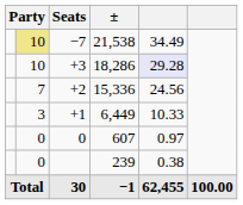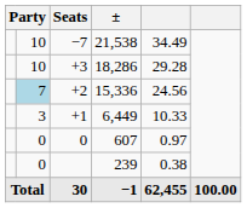 <table class=wikitable>
 <tr>
 <th colspan=2 align=center>Party</th>
 <th>Seats</th>
 <th>±</th>
 <th></th>
 <th></th>
 </tr>
 <tr>
 <td></td>
-<td align=right style="background: khaki;">10</td>
+<td align=right>10</td>
 <td align=right>−7</td>
 <td align=right>21,538</td>
 <td align=right>34.49</td>
 </tr>
 <tr>
 <td></td>
 <td align=right>10</td>
 <td align=right>+3</td>
 <td align=right>18,286</td>
-<td align=right style="background: lavender;">29.28</td>
+<td align=right>29.28</td>
 </tr>
 <tr>
 <td></td>
-<td align=right>7</td>
+<td align=right style="background: lightblue;">7</td>
 <td align=right>+2</td>
 <td align=right>15,336</td>
 <td align=right>24.56</td>
 </tr>
 <tr>
 <td></td>
 <td align=right>3</td>
 <td align=right>+1</td>
 <td align=right>6,449</td>
 <td align=right>10.33</td>
 </tr>
 <tr>
 <td></td>
 <td align=right>0</td>
 <td align=right>0</td>
 <td align=right>607</td>
 <td align=right>0.97</td>
 </tr>
 <tr>
 <td></td>
 <td align=right>0</td>
 <td align=right></td>
 <td align=right>239</td>
 <td align=right>0.38</td>
 </tr>
 <tr style="font-weight:bold; background:rgb(232,232,232);">
 <td colspan=2 align=center>Total</td>
 <td align=right>30</td>
 <td align=right>−1</td>
 <td align=right>62,455</td>
 <td align=center>100.00</td>
 </tr>
 </table>
